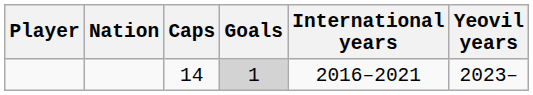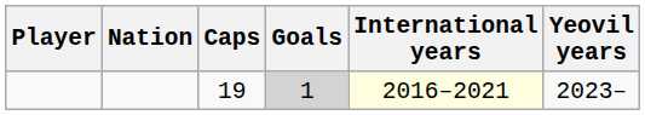 <table class="wikitable sortable" style="text-align:center">
 <tr>
 <th>Player</th>
 <th>Nation</th>
 <th>Caps</th>
 <th>Goals</th>
 <th>International<br>years</th>
 <th>Yeovil<br>years</th>
 </tr>
 <tr>
 <td align="left"></td>
 <td align="left"></td>
-<td>14</td>
+<td>19</td>
 <td style="background: lightgrey;">1</td>
-<td>2016–2021</td>
+<td style="background: lightyellow;">2016–2021</td>
 <td>2023–</td>
 </tr>
 </table>
